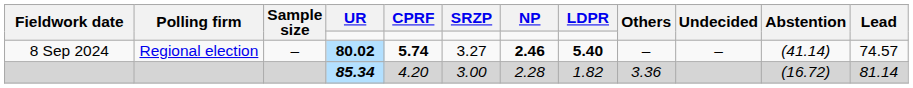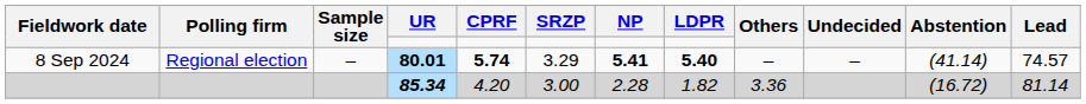 <table class=wikitable style="font-size:95%; line-height:14px; text-align:center">
 <tr>
 <th style=width:120px; rowspan=2>Fieldwork date</th>
 <th style=width:120px; rowspan=2>Polling firm</th>
 <th style=width:50px; rowspan=2>Sample<br>size</th>
 <th style="width:50px;"><a href='#'>UR</a></th>
 <th style="width:50px;"><a href='#'>CPRF</a></th>
 <th style="width:50px;"><a href='#'>SRZP</a></th>
 <th style="width:50px;"><a href='#'>NP</a></th>
 <th style="width:50px;"><a href='#'>LDPR</a></th>
 <th style="width:50px;" rowspan=2>Others</th>
 <th style="width:50px;" rowspan=2>Undecided</th>
 <th style="width:50px;" rowspan=2>Abstention</th>
 <th style="width:50px;" rowspan="2">Lead</th>
 </tr>
 <tr>
 <td bgcolor=></td>
 <td bgcolor=></td>
 <td bgcolor=></td>
 <td bgcolor=></td>
 <td bgcolor=></td>
 </tr>
 <tr>
 <td>8 Sep 2024</td>
 <td><a href='#'>Regional election</a></td>
 <td>–</td>
-<td style="background:#B3E0FF"><strong>80.02</strong></td>
+<td style="background:#B3E0FF"><strong>80.01</strong></td>
 <td><strong>5.74</strong></td>
-<td>3.27</td>
-<td><strong>2.46</strong></td>
+<td>3.29</td>
+<td><strong>5.41</strong></td>
 <td><strong>5.40</strong></td>
 <td>–</td>
 <td>–</td>
 <td><em>(41.14)</em></td>
 <td style="background:">74.57</td>
 </tr>
 <tr style="background:#D5D5D5">
 <td></td>
 <td></td>
 <td></td>
 <td style="background:#B3E0FF"><strong><em>85.34</em></strong></td>
 <td><em>4.20</em></td>
 <td><em>3.00</em></td>
 <td><em>2.28</em></td>
 <td><em>1.82</em></td>
 <td><em>3.36</em></td>
 <td></td>
 <td><em>(16.72)</em></td>
 <td style="background:"><em>81.14</em></td>
 </tr>
 </table>
